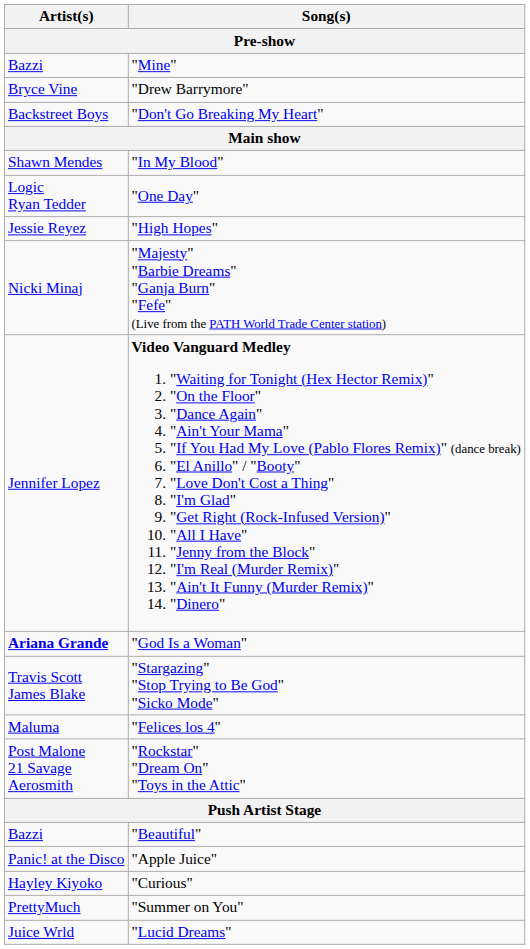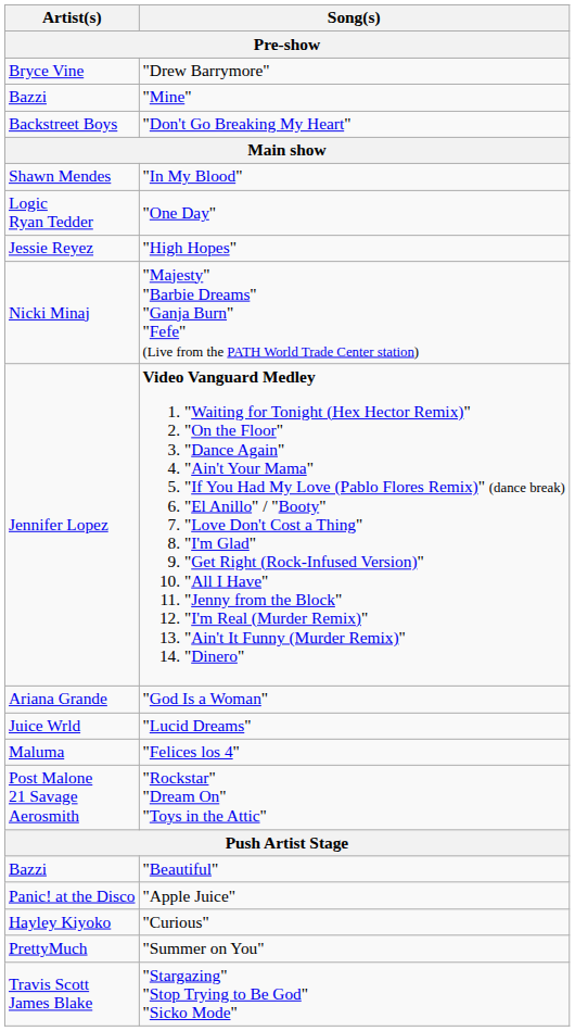 <table class="wikitable plainrowheaders"https://en.wikipedia.org/w/index.php?title=2018_MTV_Video_Music_Awards&action=watch>
 <tr>
 <th scope="col">Artist(s)</th>
 <th scope="col">Song(s)</th>
 </tr>
 <tr>
 <th colspan="2">Pre-show</th>
 </tr>
 <tr>
+<td><a href='#'>Bryce Vine</a></td>
+<td>"Drew Barrymore"</td>
+</tr>
+<tr>
 <td><a href='#'>Bazzi</a></td>
 <td>"<a href='#'>Mine</a>"</td>
-</tr>
-<tr>
-<td><a href='#'>Bryce Vine</a></td>
-<td>"Drew Barrymore"</td>
 </tr>
 <tr>
 <td><a href='#'>Backstreet Boys</a></td>
 <td>"<a href='#'>Don't Go Breaking My Heart</a>"</td>
 </tr>
 <tr>
 <th colspan="2">Main show</th>
 </tr>
 <tr>
 <td><a href='#'>Shawn Mendes</a></td>
 <td>"<a href='#'>In My Blood</a>"</td>
 </tr>
 <tr>
 <td><a href='#'>Logic</a><br><a href='#'>Ryan Tedder</a></td>
 <td>"<a href='#'>One Day</a>"</td>
 </tr>
 <tr>
 <td><a href='#'>Jessie Reyez</a></td>
 <td>"<a href='#'>High Hopes</a>"</td>
 </tr>
 <tr>
 <td><a href='#'>Nicki Minaj</a></td>
 <td>"<a href='#'>Majesty</a>"<br>"<a href='#'>Barbie Dreams</a>"<br>"<a href='#'>Ganja Burn</a>"<br>"<a href='#'>Fefe</a>"<br><small>(Live from the <a href='#'>PATH World Trade Center station</a>)</small></td>
 </tr>
 <tr>
 <td><a href='#'>Jennifer Lopez</a></td>
 <td><strong>Video Vanguard Medley</strong><br><ol><li>"<a href='#'>Waiting for Tonight (Hex Hector Remix)</a>"</li><li>"<a href='#'>On the Floor</a>"</li><li>"<a href='#'>Dance Again</a>"</li><li>"<a href='#'>Ain't Your Mama</a>"</li><li>"<a href='#'>If You Had My Love (Pablo Flores Remix)</a>" <small>(dance break)</small></li><li>"<a href='#'>El Anillo</a>" / "<a href='#'>Booty</a>"</li><li>"<a href='#'>Love Don't Cost a Thing</a>" </li><li>"<a href='#'>I'm Glad</a>"</li><li>"<a href='#'>Get Right (Rock-Infused Version)</a>"</li><li>"<a href='#'>All I Have</a>"</li><li>"<a href='#'>Jenny from the Block</a>" </li><li>"<a href='#'>I'm Real (Murder Remix)</a>" </li><li>"<a href='#'>Ain't It Funny (Murder Remix)</a>" </li><li>"<a href='#'>Dinero</a>"  </li></ol></td>
 </tr>
 <tr>
-<td><strong><a href='#'>Ariana Grande</a></strong></td>
+<td><a href='#'>Ariana Grande</a></td>
 <td>"<a href='#'>God Is a Woman</a>"</td>
 </tr>
 <tr>
-<td><a href='#'>Travis Scott</a><br><a href='#'>James Blake</a></td>
-<td>"<a href='#'>Stargazing</a>"<br>"<a href='#'>Stop Trying to Be God</a>"<br>"<a href='#'>Sicko Mode</a>"</td>
+<td><a href='#'>Juice Wrld</a></td>
+<td>"<a href='#'>Lucid Dreams</a>"</td>
 </tr>
 <tr>
 <td><a href='#'>Maluma</a></td>
 <td>"<a href='#'>Felices los 4</a>"</td>
 </tr>
 <tr>
 <td><a href='#'>Post Malone</a><br><a href='#'>21 Savage</a><br><a href='#'>Aerosmith</a></td>
 <td>"<a href='#'>Rockstar</a>" <br>"<a href='#'>Dream On</a>" <br>"<a href='#'>Toys in the Attic</a>" </td>
 </tr>
 <tr>
 <th colspan="2" scope="col">Push Artist Stage</th>
 </tr>
 <tr>
 <td><a href='#'>Bazzi</a></td>
 <td>"<a href='#'>Beautiful</a>"</td>
 </tr>
 <tr>
 <td><a href='#'>Panic! at the Disco</a></td>
 <td>"Apple Juice"</td>
 </tr>
 <tr>
 <td><a href='#'>Hayley Kiyoko</a></td>
 <td>"Curious"</td>
 </tr>
 <tr>
 <td><a href='#'>PrettyMuch</a></td>
 <td>"Summer on You"</td>
 </tr>
 <tr>
-<td><a href='#'>Juice Wrld</a></td>
-<td>"<a href='#'>Lucid Dreams</a>"</td>
+<td><a href='#'>Travis Scott</a><br><a href='#'>James Blake</a></td>
+<td>"<a href='#'>Stargazing</a>"<br>"<a href='#'>Stop Trying to Be God</a>"<br>"<a href='#'>Sicko Mode</a>"</td>
 </tr>
 </table>
